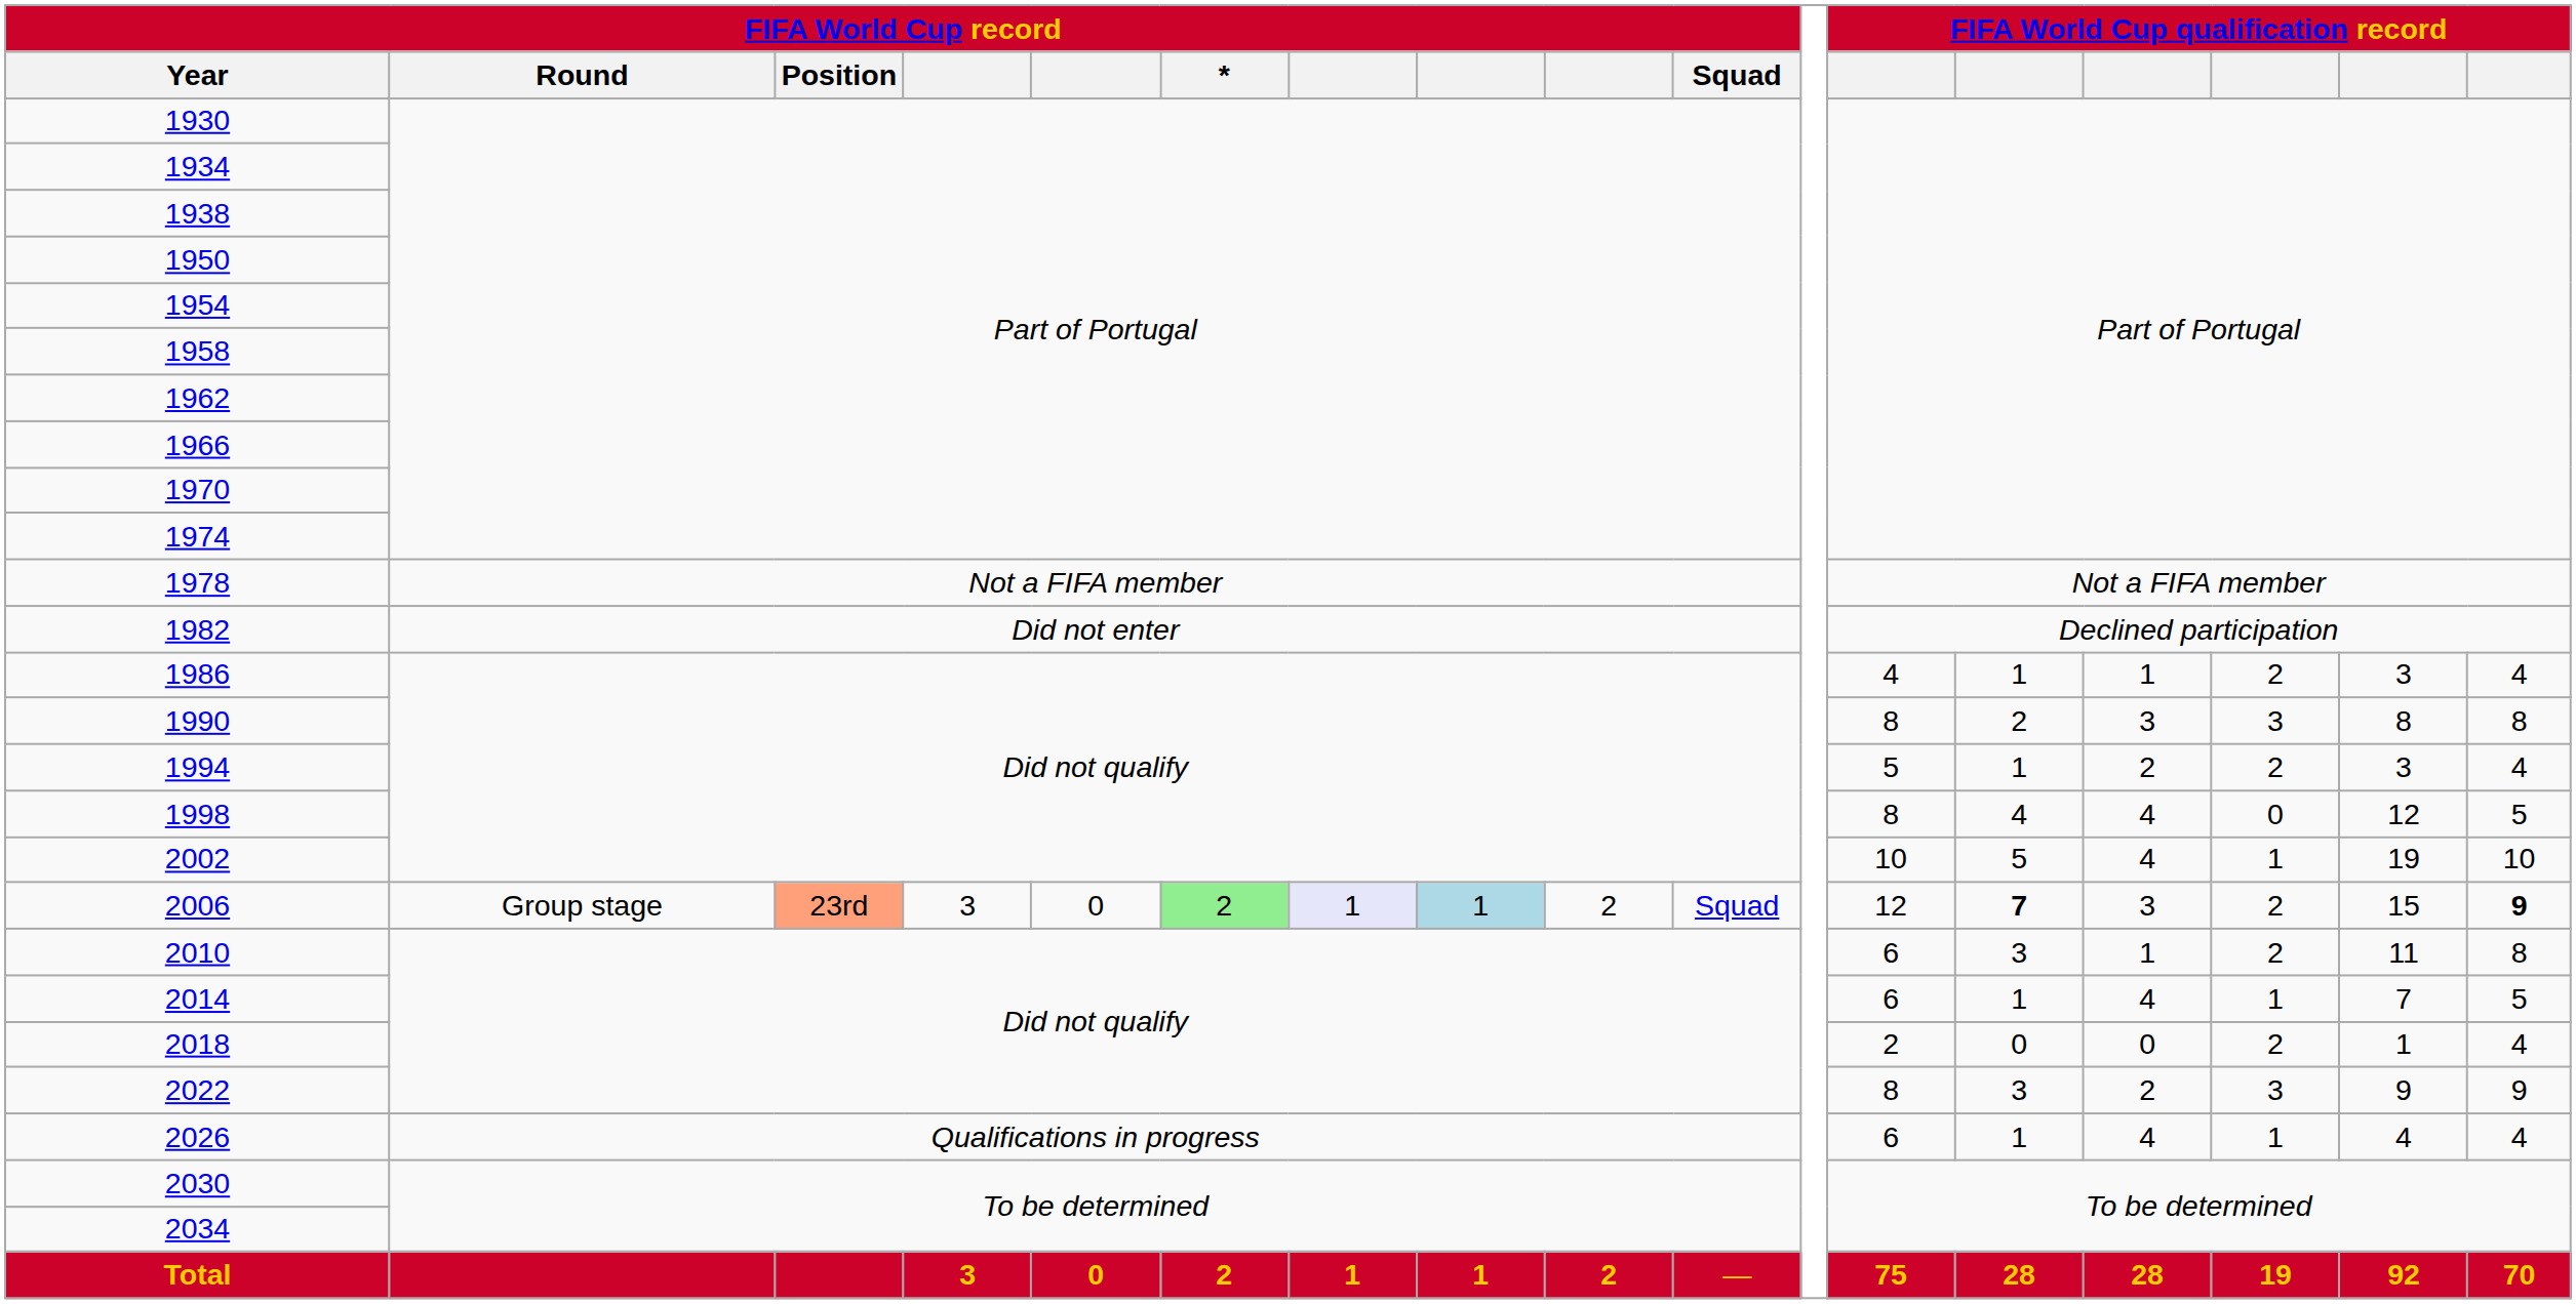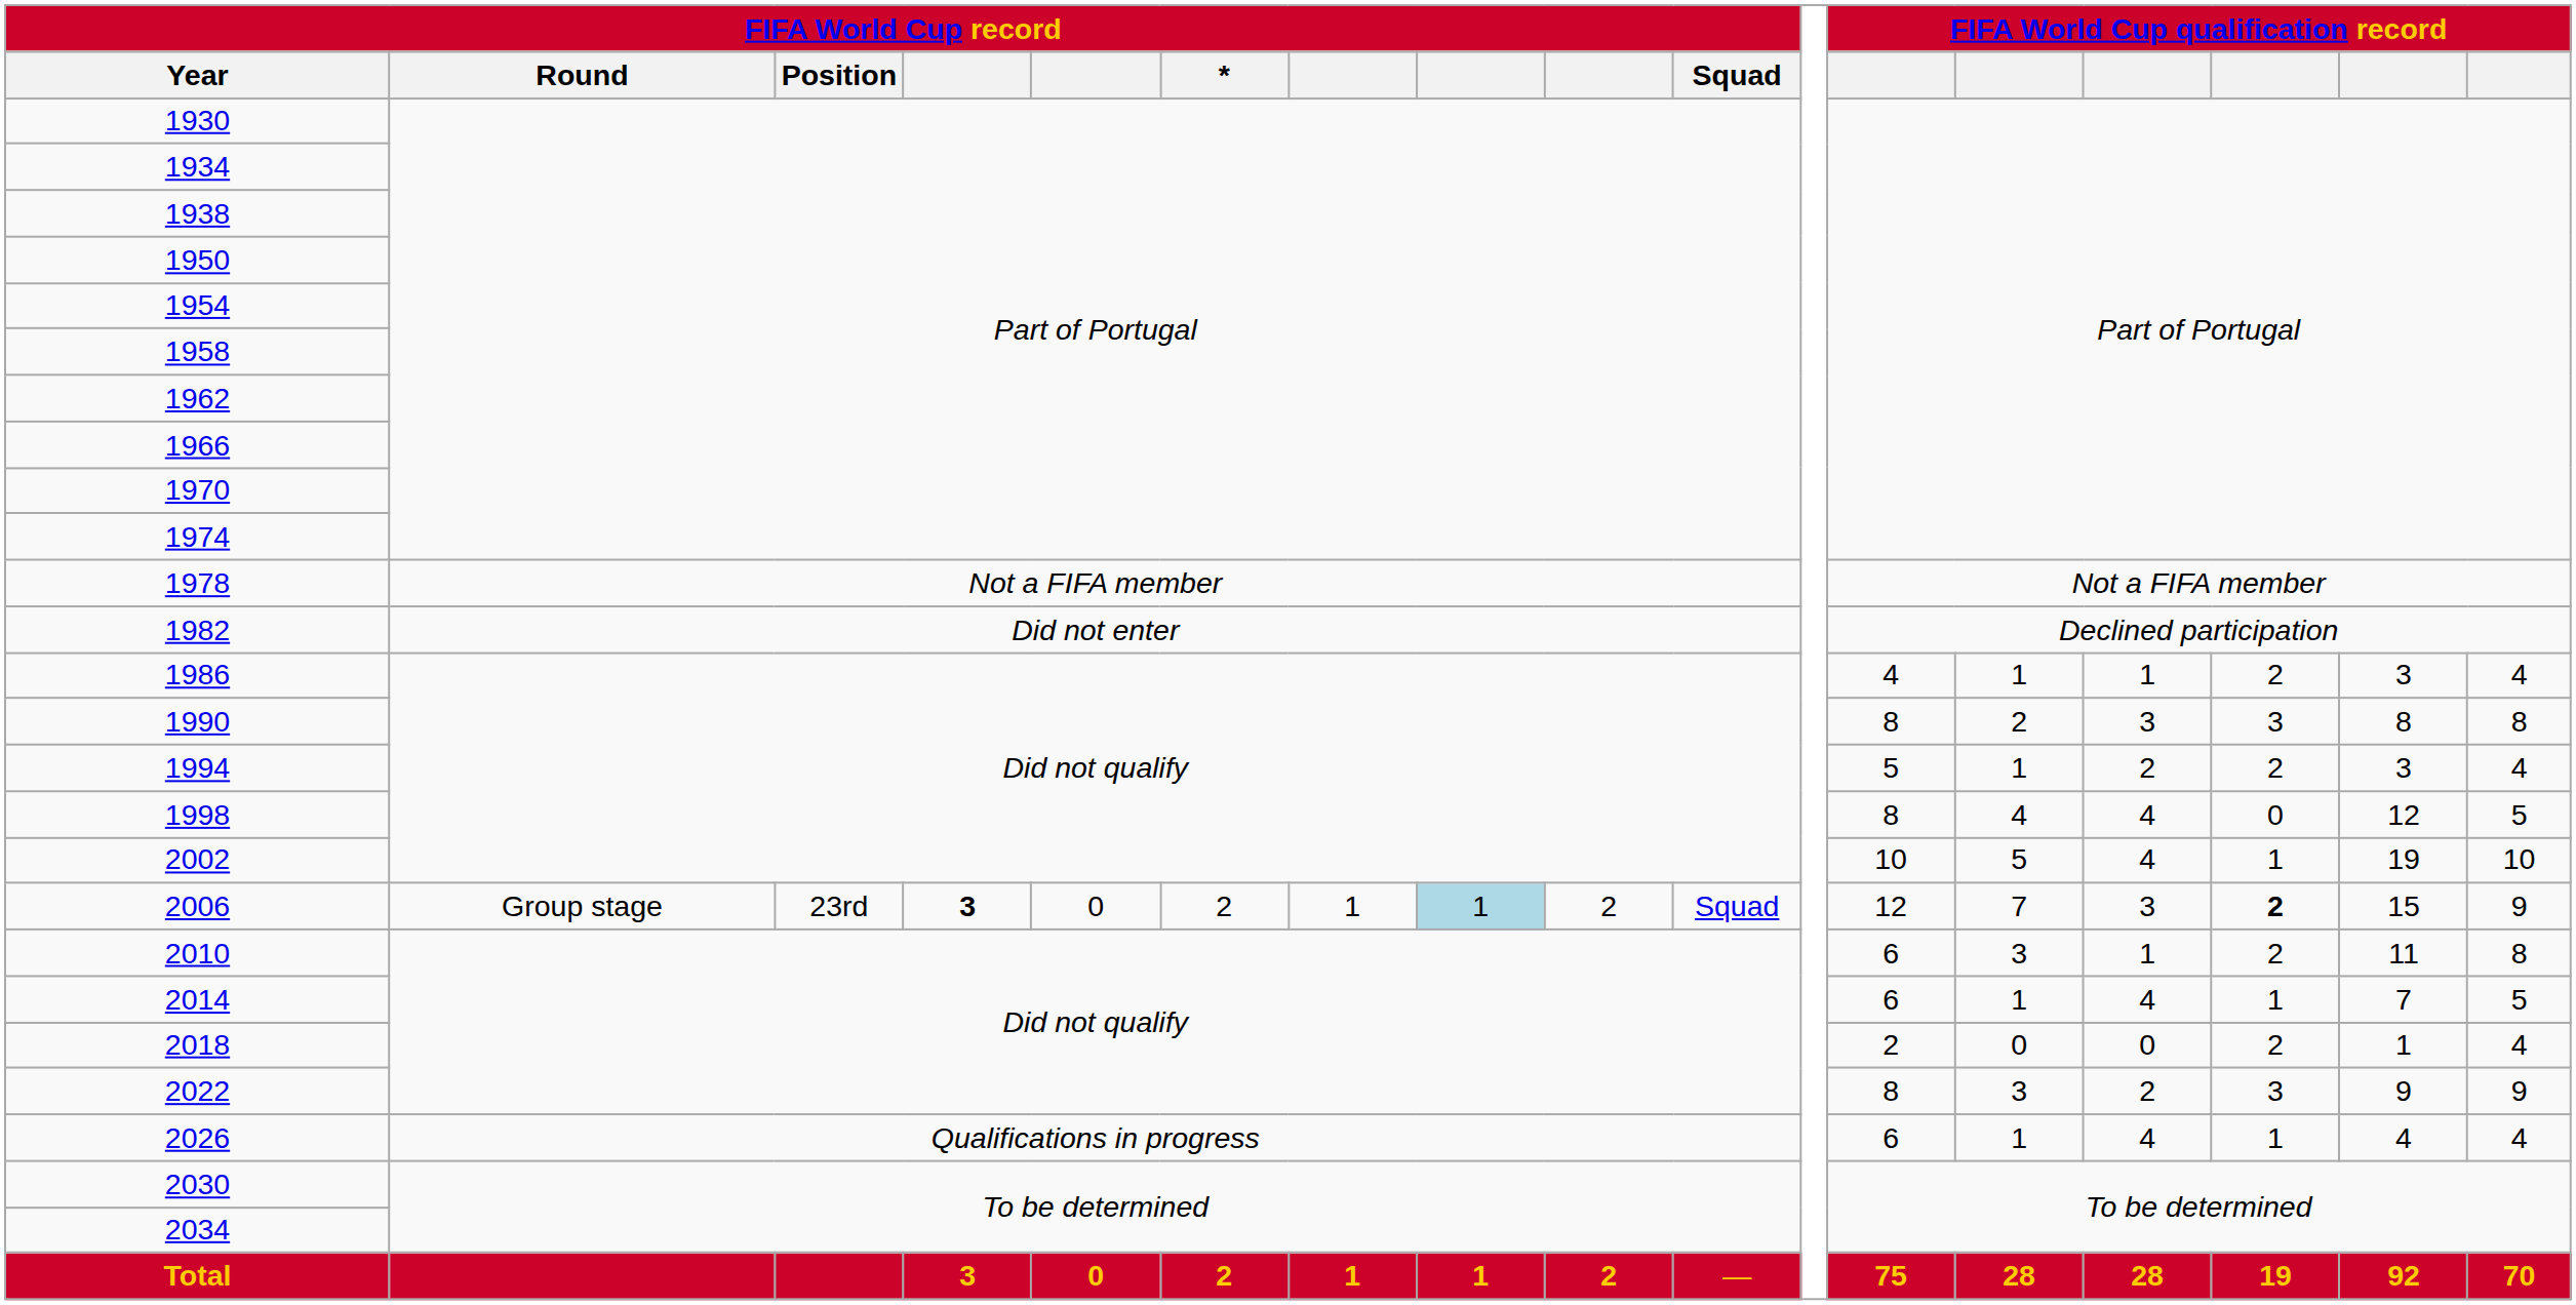 <table class="wikitable" class="wikitable" style="font-size:90%; text-align:center; width:100%">
 <tr>
 <th colspan="10" style="background:#CD022B; color:#FFCC00; "><a href='#'><span>FIFA World Cup</span></a> record</th>
 <th rowspan="38" style="width:1%;background:white"></th>
 <th colspan="6" style="background:#CD022B; color:#FFCC00; "><a href='#'><span>FIFA World Cup qualification</span></a> record</th>
 </tr>
 <tr>
 <th width="15%">Year</th>
 <th width="15%">Round</th>
 <th width="5%">Position</th>
 <th width="5%"></th>
 <th width="5%"></th>
 <th width="5%">*</th>
 <th width="5%"></th>
 <th width="5%"></th>
 <th width="5%"></th>
 <th width="5%">Squad</th>
 <th width="5%"></th>
 <th width="5%"></th>
 <th width="5%"></th>
 <th width="5%"></th>
 <th width="5%"></th>
 <th width="5%"></th>
 </tr>
 <tr>
 <td> <a href='#'>1930</a></td>
 <td colspan="9" rowspan="10"><em>Part of Portugal</em></td>
 <td colspan="6" rowspan="10"><em>Part of Portugal</em></td>
 </tr>
 <tr>
 <td> <a href='#'>1934</a></td>
 </tr>
 <tr>
 <td> <a href='#'>1938</a></td>
 </tr>
 <tr>
 <td> <a href='#'>1950</a></td>
 </tr>
 <tr>
 <td> <a href='#'>1954</a></td>
 </tr>
 <tr>
 <td> <a href='#'>1958</a></td>
 </tr>
 <tr>
 <td> <a href='#'>1962</a></td>
 </tr>
 <tr>
 <td> <a href='#'>1966</a></td>
 </tr>
 <tr>
 <td> <a href='#'>1970</a></td>
 </tr>
 <tr>
 <td> <a href='#'>1974</a></td>
 </tr>
 <tr>
 <td> <a href='#'>1978</a></td>
 <td colspan="9"><em>Not a FIFA member</em></td>
 <td colspan="6"><em>Not a FIFA member</em></td>
 </tr>
 <tr>
 <td> <a href='#'>1982</a></td>
 <td colspan="9"><em>Did not enter</em></td>
 <td colspan="6"><em>Declined participation</em></td>
 </tr>
 <tr>
 <td> <a href='#'>1986</a></td>
 <td colspan="9" rowspan="5"><em>Did not qualify</em></td>
 <td>4</td>
 <td>1</td>
 <td>1</td>
 <td>2</td>
 <td>3</td>
 <td>4</td>
 </tr>
 <tr>
 <td> <a href='#'>1990</a></td>
 <td>8</td>
 <td>2</td>
 <td>3</td>
 <td>3</td>
 <td>8</td>
 <td>8</td>
 </tr>
 <tr>
 <td> <a href='#'>1994</a></td>
 <td>5</td>
 <td>1</td>
 <td>2</td>
 <td>2</td>
 <td>3</td>
 <td>4</td>
 </tr>
 <tr>
 <td> <a href='#'>1998</a></td>
 <td>8</td>
 <td>4</td>
 <td>4</td>
 <td>0</td>
 <td>12</td>
 <td>5</td>
 </tr>
 <tr>
 <td>  <a href='#'>2002</a></td>
 <td>10</td>
 <td>5</td>
 <td>4</td>
 <td>1</td>
 <td>19</td>
 <td>10</td>
 </tr>
 <tr>
 <td> <a href='#'>2006</a></td>
 <td>Group stage</td>
-<td style="background: lightsalmon;">23rd</td>
-<td>3</td>
+<td>23rd</td>
+<td><strong>3</strong></td>
 <td>0</td>
-<td style="background: lightgreen;">2</td>
-<td style="background: lavender;">1</td>
+<td>2</td>
+<td>1</td>
 <td style="background: lightblue;">1</td>
 <td>2</td>
 <td><a href='#'>Squad</a></td>
 <td>12</td>
-<td><strong>7</strong></td>
+<td>7</td>
 <td>3</td>
-<td>2</td>
+<td><strong>2</strong></td>
 <td>15</td>
-<td><strong>9</strong></td>
+<td>9</td>
 </tr>
 <tr>
 <td> <a href='#'>2010</a></td>
 <td colspan="9" rowspan="4"><em>Did not qualify</em></td>
 <td>6</td>
 <td>3</td>
 <td>1</td>
 <td>2</td>
 <td>11</td>
 <td>8</td>
 </tr>
 <tr>
 <td> <a href='#'>2014</a></td>
 <td>6</td>
 <td>1</td>
 <td>4</td>
 <td>1</td>
 <td>7</td>
 <td>5</td>
 </tr>
 <tr>
 <td> <a href='#'>2018</a></td>
 <td>2</td>
 <td>0</td>
 <td>0</td>
 <td>2</td>
 <td>1</td>
 <td>4</td>
 </tr>
 <tr>
 <td> <a href='#'>2022</a></td>
 <td>8</td>
 <td>3</td>
 <td>2</td>
 <td>3</td>
 <td>9</td>
 <td>9</td>
 </tr>
 <tr>
 <td>   <a href='#'>2026</a></td>
 <td colspan="9"><em>Qualifications in progress</em></td>
 <td>6</td>
 <td>1</td>
 <td>4</td>
 <td>1</td>
 <td>4</td>
 <td>4</td>
 </tr>
 <tr>
 <td>   <a href='#'>2030</a></td>
 <td colspan="9" rowspan="2"><em>To be determined</em></td>
 <td colspan="6" rowspan="2"><em>To be determined</em></td>
 </tr>
 <tr>
 <td> <a href='#'>2034</a></td>
 </tr>
 <tr style="color:white;">
 <th style="background:#CD022B; color:#FFCC00; ">Total</th>
 <th style="background:#CD022B; color:#FFCC00; "></th>
 <th style="background:#CD022B; color:#FFCC00; "></th>
 <th style="background:#CD022B; color:#FFCC00; ">3</th>
 <th style="background:#CD022B; color:#FFCC00; ">0</th>
 <th style="background:#CD022B; color:#FFCC00; ">2</th>
 <th style="background:#CD022B; color:#FFCC00; ">1</th>
 <th style="background:#CD022B; color:#FFCC00; ">1</th>
 <th style="background:#CD022B; color:#FFCC00; ">2</th>
 <td style="background:#CD022B; color:#FFCC00; ">—</td>
 <th style="background:#CD022B; color:#FFCC00; ">75</th>
 <th style="background:#CD022B; color:#FFCC00; ">28</th>
 <th style="background:#CD022B; color:#FFCC00; ">28</th>
 <th style="background:#CD022B; color:#FFCC00; ">19</th>
 <th style="background:#CD022B; color:#FFCC00; ">92</th>
 <th style="background:#CD022B; color:#FFCC00; ">70</th>
 </tr>
 </table>
